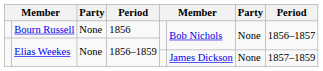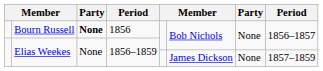 <table class="wikitable">
 <tr>
 <th colspan="2">Member</th>
 <th>Party</th>
 <th>Period</th>
 <th colspan="2">Member</th>
 <th>Party</th>
 <th>Period</th>
 </tr>
 <tr>
 <td> </td>
 <td><a href='#'>Bourn Russell</a></td>
-<td>None</td>
+<td><strong>None</strong></td>
 <td>1856</td>
 <td rowspan="2" ><br> </td>
 <td rowspan="2"><a href='#'>Bob Nichols</a></td>
 <td rowspan="2">None</td>
 <td rowspan="2">1856–1857</td>
 </tr>
 <tr>
 <td rowspan="2" ><br> </td>
 <td rowspan="2"><a href='#'>Elias Weekes</a></td>
 <td rowspan="2">None</td>
 <td rowspan="2">1856–1859</td>
 </tr>
 <tr>
 <td> </td>
 <td><a href='#'>James Dickson</a></td>
 <td>None</td>
 <td>1857–1859</td>
 </tr>
 </table>
